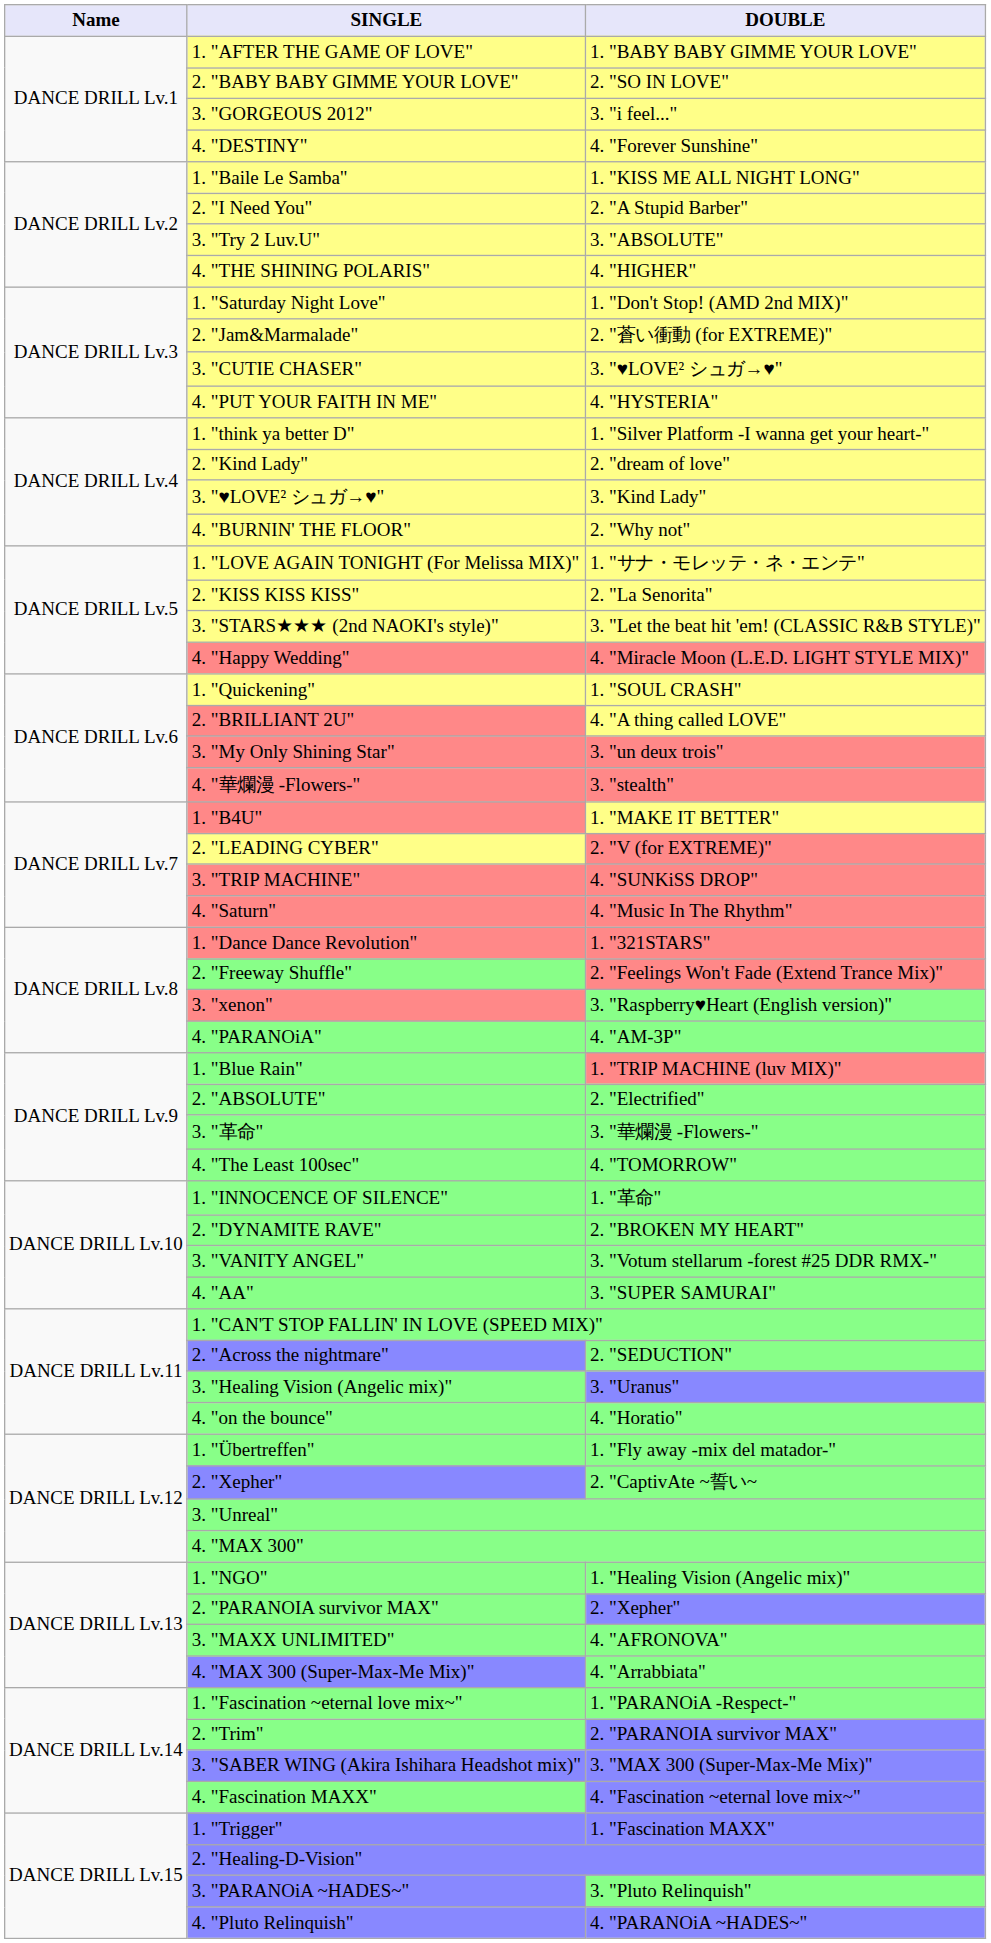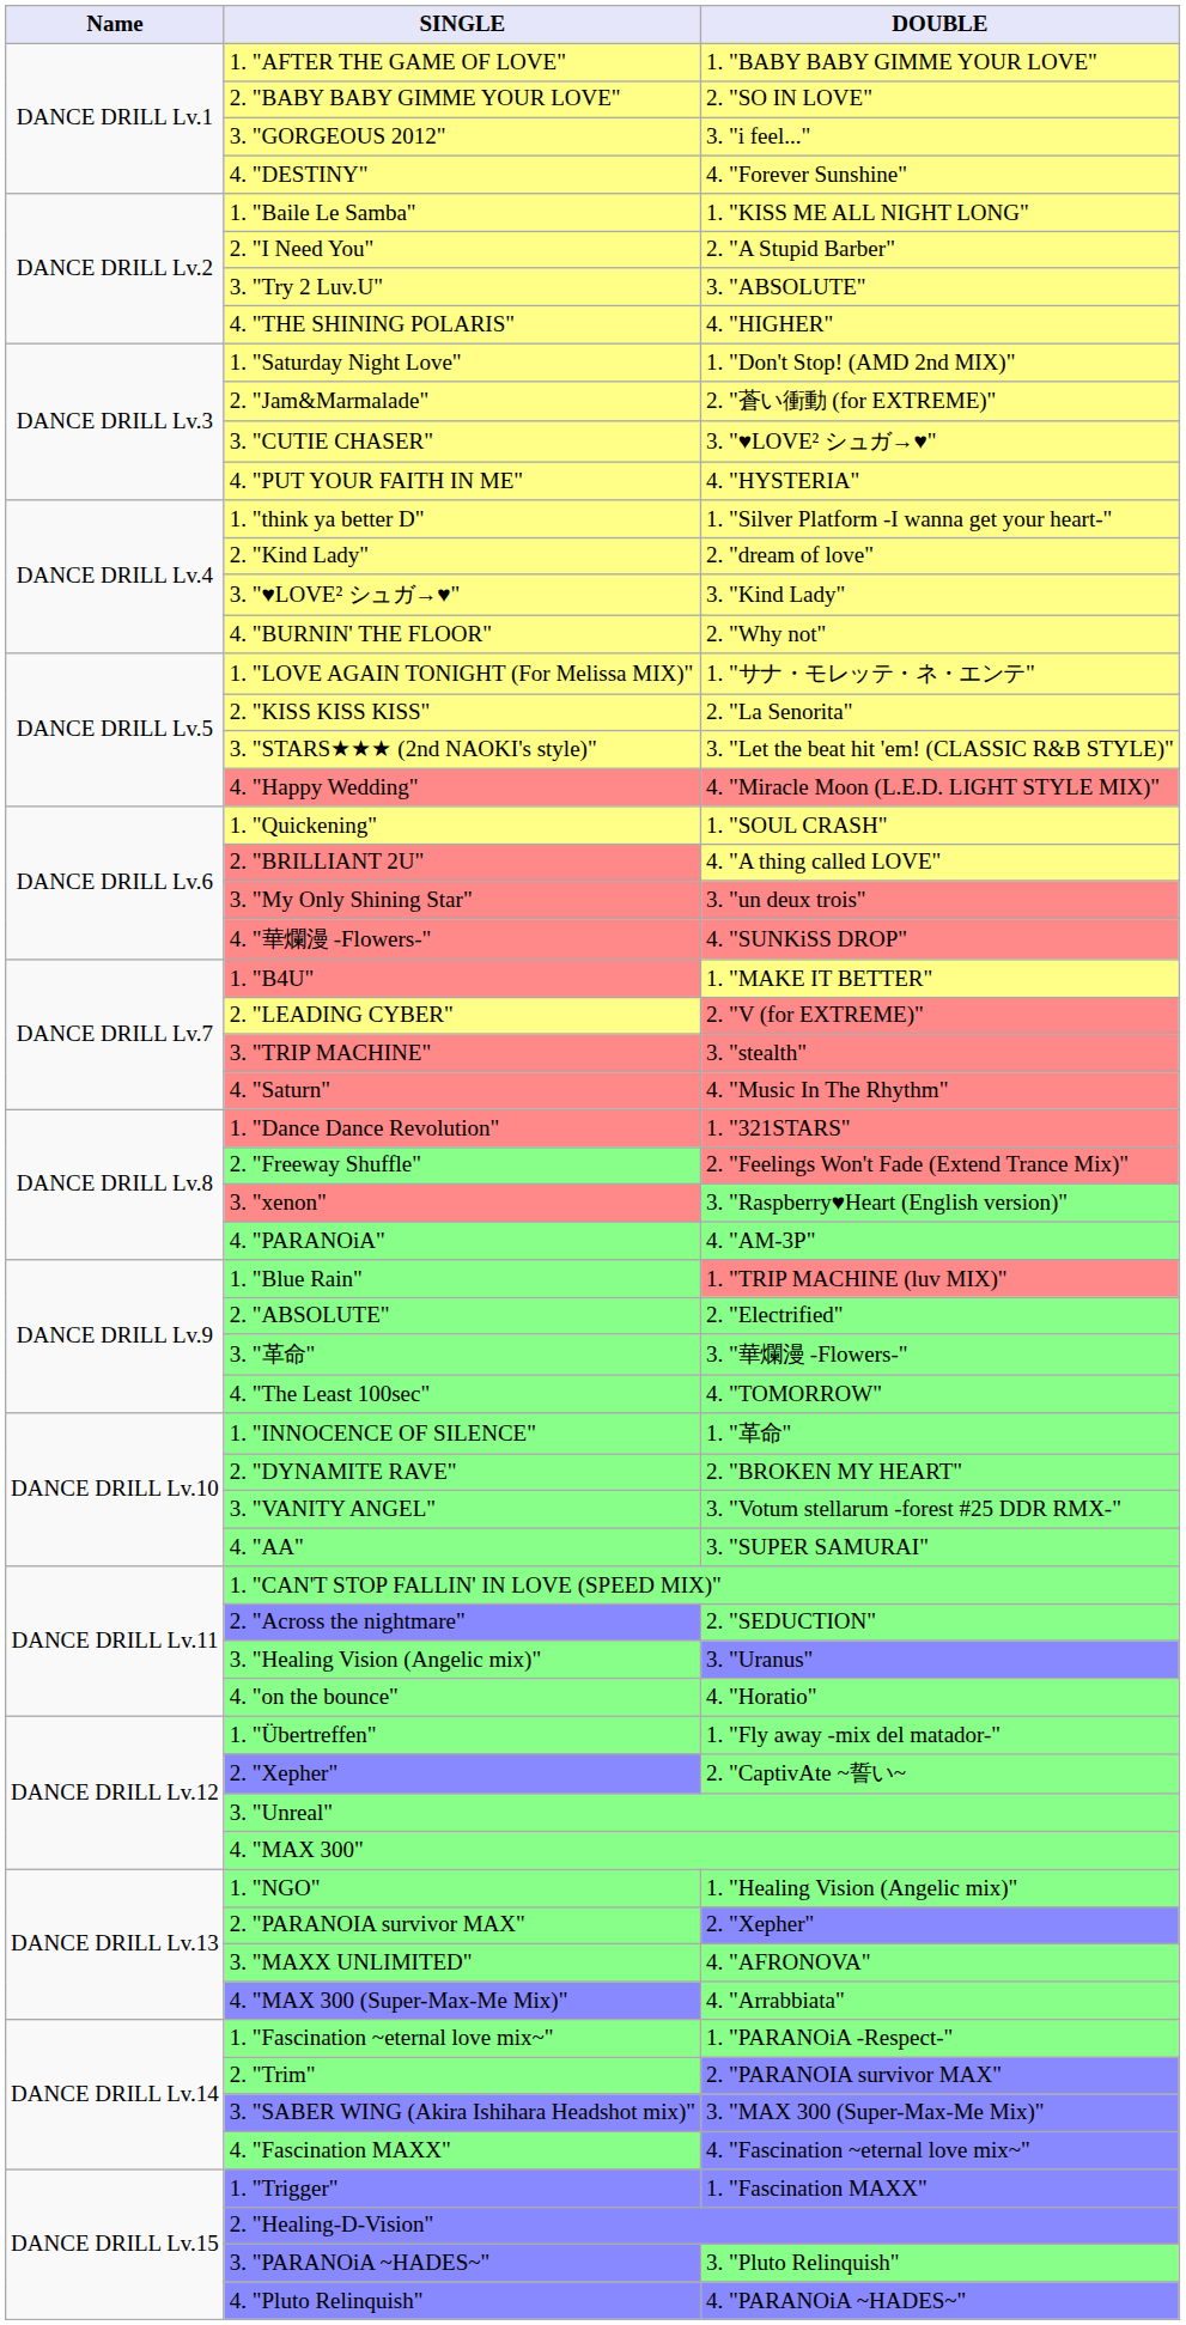 <table class="wikitable" style="font-size:90%;">
 <tr>
 <th style="background:lavender;">Name</th>
 <th style="background:lavender;">SINGLE</th>
 <th style="background:lavender;">DOUBLE</th>
 </tr>
 <tr>
 <td rowspan="4" style="text-align:center;">DANCE DRILL Lv.1</td>
 <td style="background:#ffff88;">1. "AFTER THE GAME OF LOVE"</td>
 <td style="background:#ffff88;">1. "BABY BABY GIMME YOUR LOVE"</td>
 </tr>
 <tr>
 <td style="background:#ffff88;">2. "BABY BABY GIMME YOUR LOVE"</td>
 <td style="background:#ffff88;">2. "SO IN LOVE"</td>
 </tr>
 <tr>
 <td style="background:#ffff88;">3. "GORGEOUS 2012"</td>
 <td style="background:#ffff88;">3. "i feel..."</td>
 </tr>
 <tr>
 <td style="background:#ffff88;">4. "DESTINY"</td>
 <td style="background:#ffff88;">4. "Forever Sunshine"</td>
 </tr>
 <tr>
 <td rowspan="4" style="text-align:center;">DANCE DRILL Lv.2</td>
 <td style="background:#ffff88;">1. "Baile Le Samba"</td>
 <td style="background:#ffff88;">1. "KISS ME ALL NIGHT LONG"</td>
 </tr>
 <tr>
 <td style="background:#ffff88;">2. "I Need You"</td>
 <td style="background:#ffff88;">2. "A Stupid Barber"</td>
 </tr>
 <tr>
 <td style="background:#ffff88;">3. "Try 2 Luv.U"</td>
 <td style="background:#ffff88;">3. "ABSOLUTE"</td>
 </tr>
 <tr>
 <td style="background:#ffff88;">4. "THE SHINING POLARIS"</td>
 <td style="background:#ffff88;">4. "HIGHER"</td>
 </tr>
 <tr>
 <td rowspan="4" style="text-align:center;">DANCE DRILL Lv.3</td>
 <td style="background:#ffff88;">1. "Saturday Night Love"</td>
 <td style="background:#ffff88;">1. "Don't Stop! (AMD 2nd MIX)"</td>
 </tr>
 <tr>
 <td style="background:#ffff88;">2. "Jam&Marmalade"</td>
 <td style="background:#ffff88;">2. "蒼い衝動 (for EXTREME)"</td>
 </tr>
 <tr>
 <td style="background:#ffff88;">3. "CUTIE CHASER"</td>
 <td style="background:#ffff88;">3. "♥LOVE² シュガ→♥"</td>
 </tr>
 <tr>
 <td style="background:#ffff88;">4. "PUT YOUR FAITH IN ME"</td>
 <td style="background:#ffff88;">4. "HYSTERIA"</td>
 </tr>
 <tr>
 <td rowspan="4" style="text-align:center;">DANCE DRILL Lv.4</td>
 <td style="background:#ffff88;">1. "think ya better D"</td>
 <td style="background:#ffff88;">1. "Silver Platform -I wanna get your heart-"</td>
 </tr>
 <tr>
 <td style="background:#ffff88;">2. "Kind Lady"</td>
 <td style="background:#ffff88;">2. "dream of love"</td>
 </tr>
 <tr>
 <td style="background:#ffff88;">3. "♥LOVE² シュガ→♥"</td>
 <td style="background:#ffff88;">3. "Kind Lady"</td>
 </tr>
 <tr>
 <td style="background:#ffff88;">4. "BURNIN' THE FLOOR"</td>
 <td style="background:#ffff88;">2. "Why not"</td>
 </tr>
 <tr>
 <td rowspan="4" style="text-align:center;">DANCE DRILL Lv.5</td>
 <td style="background:#ffff88;">1. "LOVE AGAIN TONIGHT (For Melissa MIX)"</td>
 <td style="background:#ffff88;">1. "サナ・モレッテ・ネ・エンテ"</td>
 </tr>
 <tr>
 <td style="background:#ffff88;">2. "KISS KISS KISS"</td>
 <td style="background:#ffff88;">2. "La Senorita"</td>
 </tr>
 <tr>
 <td style="background:#ffff88;">3. "STARS★★★ (2nd NAOKI's style)"</td>
 <td style="background:#ffff88;">3. "Let the beat hit 'em! (CLASSIC R&B STYLE)"</td>
 </tr>
 <tr>
 <td style="background:#ff8888;">4. "Happy Wedding"</td>
 <td style="background:#ff8888;">4. "Miracle Moon (L.E.D. LIGHT STYLE MIX)"</td>
 </tr>
 <tr>
 <td rowspan="4" style="text-align:center;">DANCE DRILL Lv.6</td>
 <td style="background:#ffff88;">1. "Quickening"</td>
 <td style="background:#ffff88;">1. "SOUL CRASH"</td>
 </tr>
 <tr>
 <td style="background:#ff8888;">2. "BRILLIANT 2U"</td>
 <td style="background:#ffff88;">4. "A thing called LOVE"</td>
 </tr>
 <tr>
 <td style="background:#ff8888;">3. "My Only Shining Star"</td>
 <td style="background:#ff8888;">3. "un deux trois"</td>
 </tr>
 <tr>
 <td style="background:#ff8888;">4. "華爛漫 -Flowers-"</td>
-<td style="background:#ff8888;">3. "stealth"</td>
+<td style="background:#ff8888;">4. "SUNKiSS DROP"</td>
 </tr>
 <tr>
 <td rowspan="4" style="text-align:center;">DANCE DRILL Lv.7</td>
 <td style="background:#ff8888;">1. "B4U"</td>
 <td style="background:#ffff88;">1. "MAKE IT BETTER"</td>
 </tr>
 <tr>
 <td style="background:#ffff88;">2. "LEADING CYBER"</td>
 <td style="background:#ff8888;">2. "V (for EXTREME)"</td>
 </tr>
 <tr>
 <td style="background:#ff8888;">3. "TRIP MACHINE"</td>
-<td style="background:#ff8888;">4. "SUNKiSS DROP"</td>
+<td style="background:#ff8888;">3. "stealth"</td>
 </tr>
 <tr>
 <td style="background:#ff8888;">4. "Saturn"</td>
 <td style="background:#ff8888;">4. "Music In The Rhythm"</td>
 </tr>
 <tr>
 <td rowspan="4" style="text-align:center;">DANCE DRILL Lv.8</td>
 <td style="background:#ff8888;">1. "Dance Dance Revolution"</td>
 <td style="background:#ff8888;">1. "321STARS"</td>
 </tr>
 <tr>
 <td style="background:#88ff88;">2. "Freeway Shuffle"</td>
 <td style="background:#ff8888;">2. "Feelings Won't Fade (Extend Trance Mix)"</td>
 </tr>
 <tr>
 <td style="background:#ff8888;">3. "xenon"</td>
 <td style="background:#88ff88;">3. "Raspberry♥Heart (English version)"</td>
 </tr>
 <tr>
 <td style="background:#88ff88;">4. "PARANOiA"</td>
 <td style="background:#88ff88;">4. "AM-3P"</td>
 </tr>
 <tr>
 <td rowspan="4" style="text-align:center;">DANCE DRILL Lv.9</td>
 <td style="background:#88ff88;">1. "Blue Rain"</td>
 <td style="background:#ff8888;">1. "TRIP MACHINE (luv MIX)"</td>
 </tr>
 <tr>
 <td style="background:#88ff88;">2. "ABSOLUTE"</td>
 <td style="background:#88ff88;">2. "Electrified"</td>
 </tr>
 <tr>
 <td style="background:#88ff88;">3. "革命"</td>
 <td style="background:#88ff88;">3. "華爛漫 -Flowers-"</td>
 </tr>
 <tr>
 <td style="background:#88ff88;">4. "The Least 100sec"</td>
 <td style="background:#88ff88;">4. "TOMORROW"</td>
 </tr>
 <tr>
 <td rowspan="4" style="text-align:center;">DANCE DRILL Lv.10</td>
 <td style="background:#88ff88;">1. "INNOCENCE OF SILENCE"</td>
 <td style="background:#88ff88;">1. "革命"</td>
 </tr>
 <tr>
 <td style="background:#88ff88;">2. "DYNAMITE RAVE"</td>
 <td style="background:#88ff88;">2. "BROKEN MY HEART"</td>
 </tr>
 <tr>
 <td style="background:#88ff88;">3. "VANITY ANGEL"</td>
 <td style="background:#88ff88;">3. "Votum stellarum -forest #25 DDR RMX-"</td>
 </tr>
 <tr>
 <td style="background:#88ff88;">4. "AA"</td>
 <td style="background:#88ff88;">3. "SUPER SAMURAI"</td>
 </tr>
 <tr>
 <td rowspan="4" style="text-align:center;">DANCE DRILL Lv.11 </td>
 <td style="background:#88ff88;" colspan="2">1. "CAN'T STOP FALLIN' IN LOVE (SPEED MIX)"</td>
 </tr>
 <tr>
 <td style="background:#8888ff;">2. "Across the nightmare"</td>
 <td style="background:#88ff88;">2. "SEDUCTION"</td>
 </tr>
 <tr>
 <td style="background:#88ff88;">3. "Healing Vision (Angelic mix)"</td>
 <td style="background:#8888ff;">3. "Uranus"</td>
 </tr>
 <tr>
 <td style="background:#88ff88;">4. "on the bounce"</td>
 <td style="background:#88ff88;">4. "Horatio"</td>
 </tr>
 <tr>
 <td rowspan="4" style="text-align:center;">DANCE DRILL Lv.12 </td>
 <td style="background:#88ff88;">1. "Übertreffen"</td>
 <td style="background:#88ff88;">1. "Fly away -mix del matador-"</td>
 </tr>
 <tr>
 <td style="background:#8888ff;">2. "Xepher"</td>
 <td style="background:#88ff88;">2. "CaptivAte ~誓い~</td>
 </tr>
 <tr>
 <td style="background:#88ff88;" colspan="2">3. "Unreal"</td>
 </tr>
 <tr>
 <td style="background:#88ff88;" colspan="2">4. "MAX 300"</td>
 </tr>
 <tr>
 <td rowspan="4" style="text-align:center;">DANCE DRILL Lv.13 </td>
 <td style="background:#88ff88;">1. "NGO"</td>
 <td style="background:#88ff88;">1. "Healing Vision (Angelic mix)"</td>
 </tr>
 <tr>
 <td style="background:#88ff88;">2. "PARANOIA survivor MAX"</td>
 <td style="background:#8888ff;">2. "Xepher"</td>
 </tr>
 <tr>
 <td style="background:#88ff88;">3. "MAXX UNLIMITED"</td>
 <td style="background:#88ff88;">4. "AFRONOVA"</td>
 </tr>
 <tr>
 <td style="background:#8888ff;">4. "MAX 300 (Super-Max-Me Mix)"</td>
 <td style="background:#88ff88;">4. "Arrabbiata"</td>
 </tr>
 <tr>
 <td rowspan="4" style="text-align:center;">DANCE DRILL Lv.14 </td>
 <td style="background:#88ff88;">1. "Fascination ~eternal love mix~"</td>
 <td style="background:#88ff88;">1. "PARANOiA -Respect-"</td>
 </tr>
 <tr>
 <td style="background:#88ff88;">2. "Trim"</td>
 <td style="background:#8888ff;">2. "PARANOIA survivor MAX"</td>
 </tr>
 <tr>
 <td style="background:#8888ff;">3. "SABER WING (Akira Ishihara Headshot mix)"</td>
 <td style="background:#8888ff;">3. "MAX 300 (Super-Max-Me Mix)"</td>
 </tr>
 <tr>
 <td style="background:#88ff88;">4. "Fascination MAXX"</td>
 <td style="background:#8888ff;">4. "Fascination ~eternal love mix~"</td>
 </tr>
 <tr>
 <td rowspan="4" style="text-align:center;">DANCE DRILL Lv.15 </td>
 <td style="background:#8888ff;">1. "Trigger"</td>
 <td style="background:#8888ff;">1. "Fascination MAXX"</td>
 </tr>
 <tr>
 <td style="background:#8888ff;" colspan="2">2. "Healing-D-Vision"</td>
 </tr>
 <tr>
 <td style="background:#8888ff;">3. "PARANOiA ~HADES~"</td>
 <td style="background:#88ff88;">3. "Pluto Relinquish"</td>
 </tr>
 <tr>
 <td style="background:#8888ff;">4. "Pluto Relinquish"</td>
 <td style="background:#8888ff;">4. "PARANOiA ~HADES~"</td>
 </tr>
 </table>
